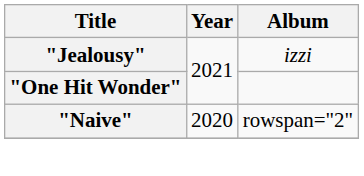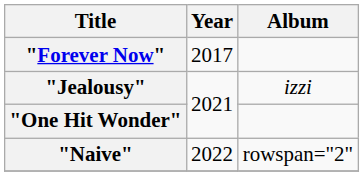 <table class="wikitable plainrowheaders" style="text-align:center">
 <tr>
 <th>Title</th>
 <th>Year</th>
 <th>Album</th>
+</tr>
+<tr>
+<th scope="row">"<a href='#'>Forever Now</a>"<br></th>
+<td>2017</td>
+<td></td>
 </tr>
 <tr>
 <th scope="row">"Jealousy"</th>
 <td rowspan="2">2021</td>
 <td><em>izzi</em></td>
 </tr>
 <tr>
 <th scope="row">"One Hit Wonder"</th>
 </tr>
 <tr>
 <th scope="row">"Naive" <br></th>
-<td>2020</td>
+<td>2022</td>
 <td>rowspan="2" </td>
 </tr>
 <tr>
 </tr>
 </table>
